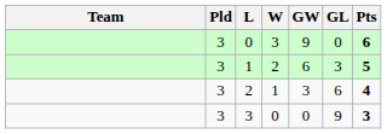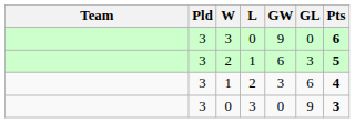 <table class="wikitable" style="text-align:center">
 <tr>
 <th width=200>Team</th>
 <th width=20>Pld</th>
+<th width=20>W</th>
 <th width=20>L</th>
-<th width=20>W</th>
 <th width=20>GW</th>
 <th width=20>GL</th>
 <th width=20>Pts</th>
 </tr>
 <tr bgcolor=ccffcc>
 <td style="text-align:left;"></td>
 <td>3</td>
+<td>3</td>
 <td>0</td>
-<td>3</td>
 <td>9</td>
 <td>0</td>
 <td><strong>6</strong></td>
 </tr>
 <tr bgcolor=ccffcc>
 <td style="text-align:left;"></td>
 <td>3</td>
+<td>2</td>
 <td>1</td>
-<td>2</td>
 <td>6</td>
 <td>3</td>
 <td><strong>5</strong></td>
 </tr>
 <tr>
 <td style="text-align:left;"></td>
 <td>3</td>
+<td>1</td>
 <td>2</td>
-<td>1</td>
 <td>3</td>
 <td>6</td>
 <td><strong>4</strong></td>
 </tr>
 <tr>
 <td style="text-align:left;"></td>
 <td>3</td>
+<td>0</td>
 <td>3</td>
-<td>0</td>
 <td>0</td>
 <td>9</td>
 <td><strong>3</strong></td>
 </tr>
 </table>
